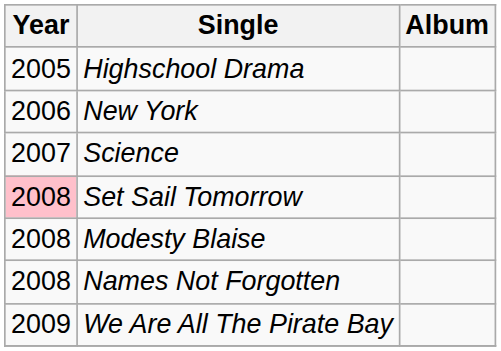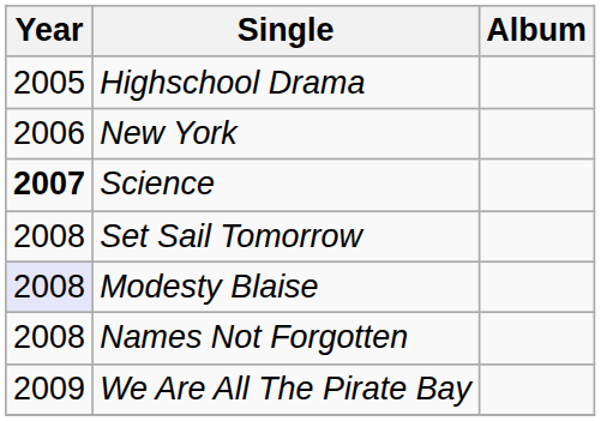 <table class="wikitable">
 <tr>
 <th>Year</th>
 <th>Single</th>
 <th>Album</th>
 </tr>
 <tr>
 <td>2005</td>
 <td><em>Highschool Drama</em></td>
 <td rowspan="1"></td>
 </tr>
 <tr>
 <td>2006</td>
 <td><em>New York</em></td>
 <td rowspan="1"></td>
 </tr>
 <tr>
-<td>2007</td>
+<td><strong>2007</strong></td>
 <td><em>Science</em></td>
 <td rowspan="1"></td>
 </tr>
 <tr>
-<td style="background: pink;">2008</td>
+<td>2008</td>
 <td><em>Set Sail Tomorrow</em></td>
 <td rowspan="1"></td>
 </tr>
 <tr>
-<td>2008</td>
+<td style="background: lavender;">2008</td>
 <td><em>Modesty Blaise</em></td>
 <td rowspan="1"></td>
 </tr>
 <tr>
 <td>2008</td>
 <td><em>Names Not Forgotten</em></td>
 <td rowspan="1"></td>
 </tr>
 <tr>
 <td>2009</td>
 <td><em>We Are All The Pirate Bay</em></td>
 <td rowspan="1"></td>
 </tr>
 <tr>
 </tr>
 </table>
